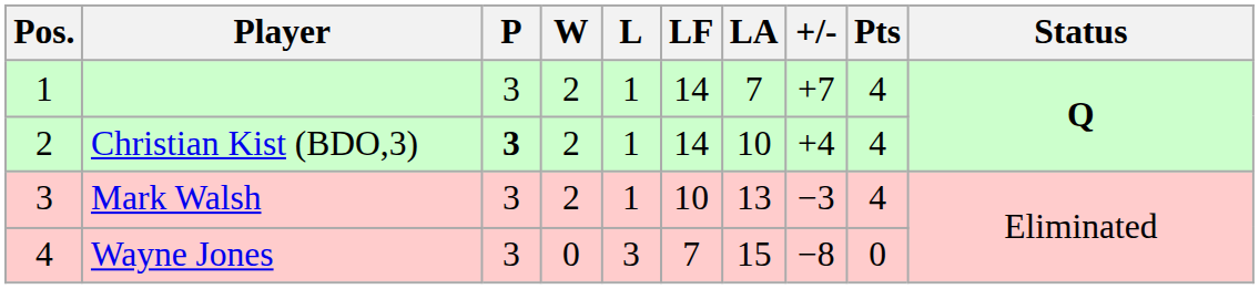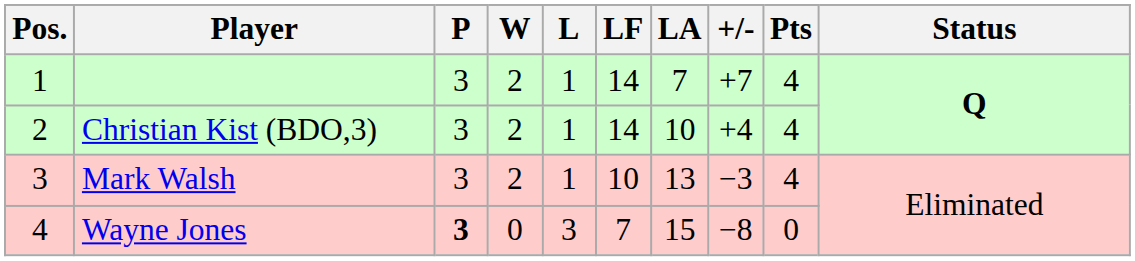 <table class="wikitable" style="text-align:center; margin: 1em auto 1em auto, align:left">
 <tr>
 <th width=20>Pos.</th>
 <th width=175>Player</th>
 <th width=20>P</th>
 <th width=20>W</th>
 <th width=20>L</th>
 <th width=20>LF</th>
 <th width=20>LA</th>
 <th width=20>+/-</th>
 <th width=20>Pts</th>
 <th width=150>Status</th>
 </tr>
 <tr style="background:#CCFFCC;">
 <td>1</td>
 <td style="text-align:left;"></td>
 <td>3</td>
 <td>2</td>
 <td>1</td>
 <td>14</td>
 <td>7</td>
 <td>+7</td>
 <td>4</td>
 <td rowspan=2><strong>Q</strong></td>
 </tr>
 <tr style="background:#CCFFCC;">
 <td>2</td>
 <td style="text-align:left;"> <a href='#'>Christian Kist</a> (BDO,3)</td>
-<td><strong>3</strong></td>
+<td>3</td>
 <td>2</td>
 <td>1</td>
 <td>14</td>
 <td>10</td>
 <td>+4</td>
 <td>4</td>
 </tr>
 <tr style="background:#FFCCCC;">
 <td>3</td>
 <td style="text-align:left;"> <a href='#'>Mark Walsh</a></td>
 <td>3</td>
 <td>2</td>
 <td>1</td>
 <td>10</td>
 <td>13</td>
 <td>−3</td>
 <td>4</td>
 <td rowspan=2>Eliminated</td>
 </tr>
 <tr style="background:#FFCCCC;">
 <td>4</td>
 <td style="text-align:left;"> <a href='#'>Wayne Jones</a></td>
-<td>3</td>
+<td><strong>3</strong></td>
 <td>0</td>
 <td>3</td>
 <td>7</td>
 <td>15</td>
 <td>−8</td>
 <td>0</td>
 </tr>
 </table>
